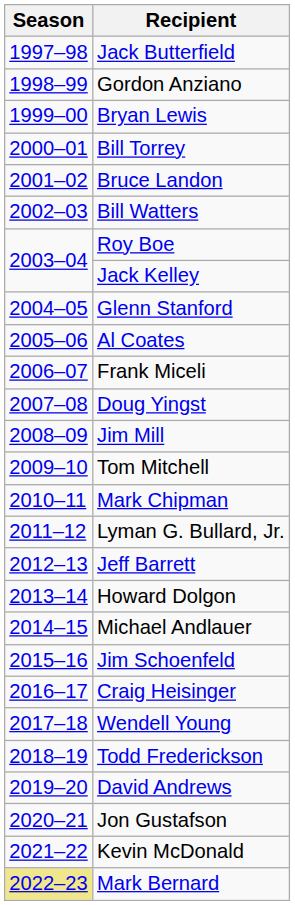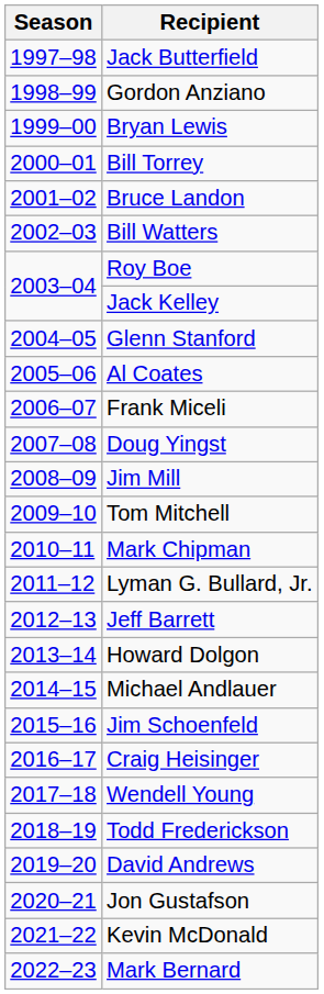 <table class="wikitable sortable">
 <tr>
 <th>Season</th>
 <th>Recipient</th>
 </tr>
 <tr>
 <td><a href='#'>1997–98</a></td>
 <td><a href='#'>Jack Butterfield</a></td>
 </tr>
 <tr>
 <td><a href='#'>1998–99</a></td>
 <td>Gordon Anziano</td>
 </tr>
 <tr>
 <td><a href='#'>1999–00</a></td>
 <td><a href='#'>Bryan Lewis</a></td>
 </tr>
 <tr>
 <td><a href='#'>2000–01</a></td>
 <td><a href='#'>Bill Torrey</a></td>
 </tr>
 <tr>
 <td><a href='#'>2001–02</a></td>
 <td><a href='#'>Bruce Landon</a></td>
 </tr>
 <tr>
 <td><a href='#'>2002–03</a></td>
 <td><a href='#'>Bill Watters</a></td>
 </tr>
 <tr>
 <td rowspan=2><a href='#'>2003–04</a></td>
 <td><a href='#'>Roy Boe</a></td>
 </tr>
 <tr>
 <td><a href='#'>Jack Kelley</a></td>
 </tr>
 <tr>
 <td><a href='#'>2004–05</a></td>
 <td><a href='#'>Glenn Stanford</a></td>
 </tr>
 <tr>
 <td><a href='#'>2005–06</a></td>
 <td><a href='#'>Al Coates</a></td>
 </tr>
 <tr>
 <td><a href='#'>2006–07</a></td>
 <td>Frank Miceli</td>
 </tr>
 <tr>
 <td><a href='#'>2007–08</a></td>
 <td><a href='#'>Doug Yingst</a></td>
 </tr>
 <tr>
 <td><a href='#'>2008–09</a></td>
 <td><a href='#'>Jim Mill</a></td>
 </tr>
 <tr>
 <td><a href='#'>2009–10</a></td>
 <td>Tom Mitchell</td>
 </tr>
 <tr>
 <td><a href='#'>2010–11</a></td>
 <td><a href='#'>Mark Chipman</a></td>
 </tr>
 <tr>
 <td><a href='#'>2011–12</a></td>
 <td>Lyman G. Bullard, Jr.</td>
 </tr>
 <tr>
 <td><a href='#'>2012–13</a></td>
 <td><a href='#'>Jeff Barrett</a></td>
 </tr>
 <tr>
 <td><a href='#'>2013–14</a></td>
 <td>Howard Dolgon</td>
 </tr>
 <tr>
 <td><a href='#'>2014–15</a></td>
 <td>Michael Andlauer</td>
 </tr>
 <tr>
 <td><a href='#'>2015–16</a></td>
 <td><a href='#'>Jim Schoenfeld</a></td>
 </tr>
 <tr>
 <td><a href='#'>2016–17</a></td>
 <td><a href='#'>Craig Heisinger</a></td>
 </tr>
 <tr>
 <td><a href='#'>2017–18</a></td>
 <td><a href='#'>Wendell Young</a></td>
 </tr>
 <tr>
 <td><a href='#'>2018–19</a></td>
 <td><a href='#'>Todd Frederickson</a></td>
 </tr>
 <tr>
 <td><a href='#'>2019–20</a></td>
 <td><a href='#'>David Andrews</a></td>
 </tr>
 <tr>
 <td><a href='#'>2020–21</a></td>
 <td>Jon Gustafson</td>
 </tr>
 <tr>
 <td><a href='#'>2021–22</a></td>
 <td>Kevin McDonald</td>
 </tr>
 <tr>
-<td style="background: khaki;"><a href='#'>2022–23</a></td>
+<td><a href='#'>2022–23</a></td>
 <td><a href='#'>Mark Bernard</a></td>
 </tr>
 </table>
